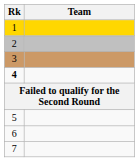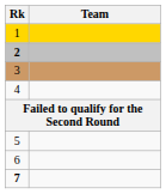 <table class=wikitable style=text-align:center>
 <tr>
 <th width=25>Rk</th>
 <th width=170>Team</th>
 </tr>
 <tr bgcolor=gold>
 <td>1</td>
 <td align=left></td>
 </tr>
 <tr bgcolor=silver>
-<td>2</td>
+<td><strong>2</strong></td>
 <td align=left></td>
 </tr>
 <tr bgcolor=#cc9966>
 <td>3</td>
 <td align=left></td>
 </tr>
 <tr>
-<td><strong>4</strong></td>
+<td>4</td>
 <td align=left></td>
 </tr>
 <tr>
 <th colspan="6">Failed to qualify for the Second Round</th>
 </tr>
 <tr>
 <td>5</td>
 <td align=left></td>
 </tr>
 <tr>
 <td>6</td>
 <td align=left></td>
 </tr>
 <tr>
-<td>7</td>
+<td><strong>7</strong></td>
 <td align=left></td>
 </tr>
 </table>
